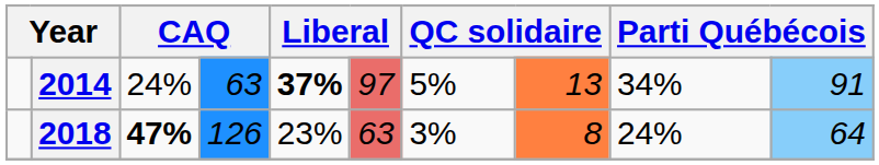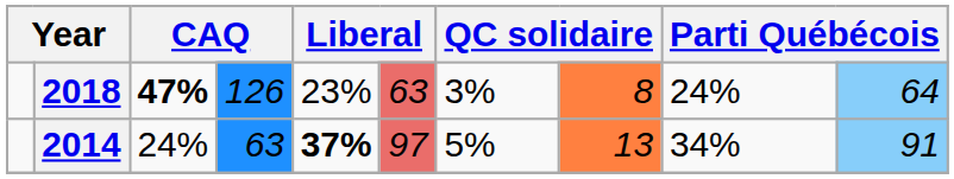 <table class="wikitable" style="width:400; font-size:90%; margin-left:1em;">
 <tr>
 <th colspan="2" scope="col">Year</th>
 <th colspan="2" scope="col"><a href='#'>CAQ</a></th>
 <th colspan="2" scope="col"><a href='#'>Liberal</a></th>
 <th colspan="2" scope="col"><a href='#'>QC solidaire</a></th>
 <th colspan="2" scope="col"><a href='#'>Parti Québécois</a></th>
+</tr>
+<tr>
+<td style="width: 0.25em; background-color: "></td>
+<th><a href='#'>2018</a></th>
+<td><strong>47%</strong></td>
+<td style="text-align:right; background:#1E90FF;"><em>126</em></td>
+<td>23%</td>
+<td style="text-align:right; background:#EA6D6A;"><em>63</em></td>
+<td>3%</td>
+<td style="text-align:right; background:#FF8040;"><em>8</em></td>
+<td>24%</td>
+<td style="text-align:right; background:#87CEFA;"><em>64</em></td>
 </tr>
 <tr>
 <td style="width: 0.25em; background-color: "></td>
 <th><a href='#'>2014</a></th>
 <td>24%</td>
 <td style="text-align:right; background:#1E90FF;"><em>63</em></td>
 <td><strong>37%</strong></td>
 <td style="text-align:right; background:#EA6D6A;"><em>97</em></td>
 <td>5%</td>
 <td style="text-align:right; background:#FF8040;"><em>13</em></td>
 <td>34%</td>
 <td style="text-align:right; background:#87CEFA;"><em>91</em></td>
 </tr>
 <tr>
-<td style="width: 0.25em; background-color: "></td>
-<th><a href='#'>2018</a></th>
-<td><strong>47%</strong></td>
-<td style="text-align:right; background:#1E90FF;"><em>126</em></td>
-<td>23%</td>
-<td style="text-align:right; background:#EA6D6A;"><em>63</em></td>
-<td>3%</td>
-<td style="text-align:right; background:#FF8040;"><em>8</em></td>
-<td>24%</td>
-<td style="text-align:right; background:#87CEFA;"><em>64</em></td>
-</tr>
-<tr>
 </tr>
 </table>
